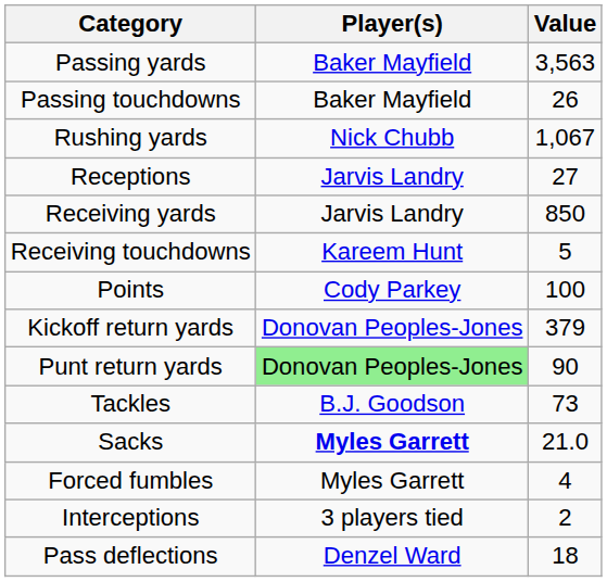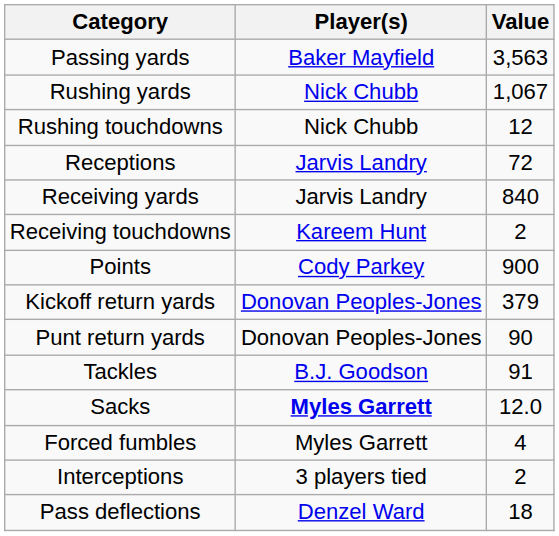 <table class="wikitable" style="text-align:center">
 <tr>
 <th>Category</th>
 <th>Player(s)</th>
 <th>Value</th>
 </tr>
 <tr>
 <td>Passing yards</td>
 <td><a href='#'>Baker Mayfield</a></td>
 <td>3,563</td>
 </tr>
 <tr>
-<td>Passing touchdowns</td>
-<td>Baker Mayfield</td>
-<td>26</td>
-</tr>
-<tr>
 <td>Rushing yards</td>
 <td><a href='#'>Nick Chubb</a></td>
 <td>1,067</td>
 </tr>
 <tr>
+<td>Rushing touchdowns</td>
+<td>Nick Chubb</td>
+<td>12</td>
+</tr>
+<tr>
 <td>Receptions</td>
 <td><a href='#'>Jarvis Landry</a></td>
-<td>27</td>
+<td>72</td>
 </tr>
 <tr>
 <td>Receiving yards</td>
 <td>Jarvis Landry</td>
-<td>850</td>
+<td>840</td>
 </tr>
 <tr>
 <td>Receiving touchdowns</td>
 <td><a href='#'>Kareem Hunt</a></td>
-<td>5</td>
+<td>2</td>
 </tr>
 <tr>
 <td>Points</td>
 <td><a href='#'>Cody Parkey</a></td>
-<td>100</td>
+<td>900</td>
 </tr>
 <tr>
 <td>Kickoff return yards</td>
 <td><a href='#'>Donovan Peoples-Jones</a></td>
 <td>379</td>
 </tr>
 <tr>
 <td>Punt return yards</td>
-<td style="background: lightgreen;">Donovan Peoples-Jones</td>
+<td>Donovan Peoples-Jones</td>
 <td>90</td>
 </tr>
 <tr>
 <td>Tackles</td>
 <td><a href='#'>B.J. Goodson</a></td>
-<td>73</td>
+<td>91</td>
 </tr>
 <tr>
 <td>Sacks</td>
 <td><strong><a href='#'>Myles Garrett</a></strong></td>
-<td>21.0</td>
+<td>12.0</td>
 </tr>
 <tr>
 <td>Forced fumbles</td>
 <td>Myles Garrett</td>
 <td>4</td>
 </tr>
 <tr>
 <td>Interceptions</td>
 <td>3 players tied</td>
 <td>2</td>
 </tr>
 <tr>
 <td>Pass deflections</td>
 <td><a href='#'>Denzel Ward</a></td>
 <td>18</td>
 </tr>
 </table>
